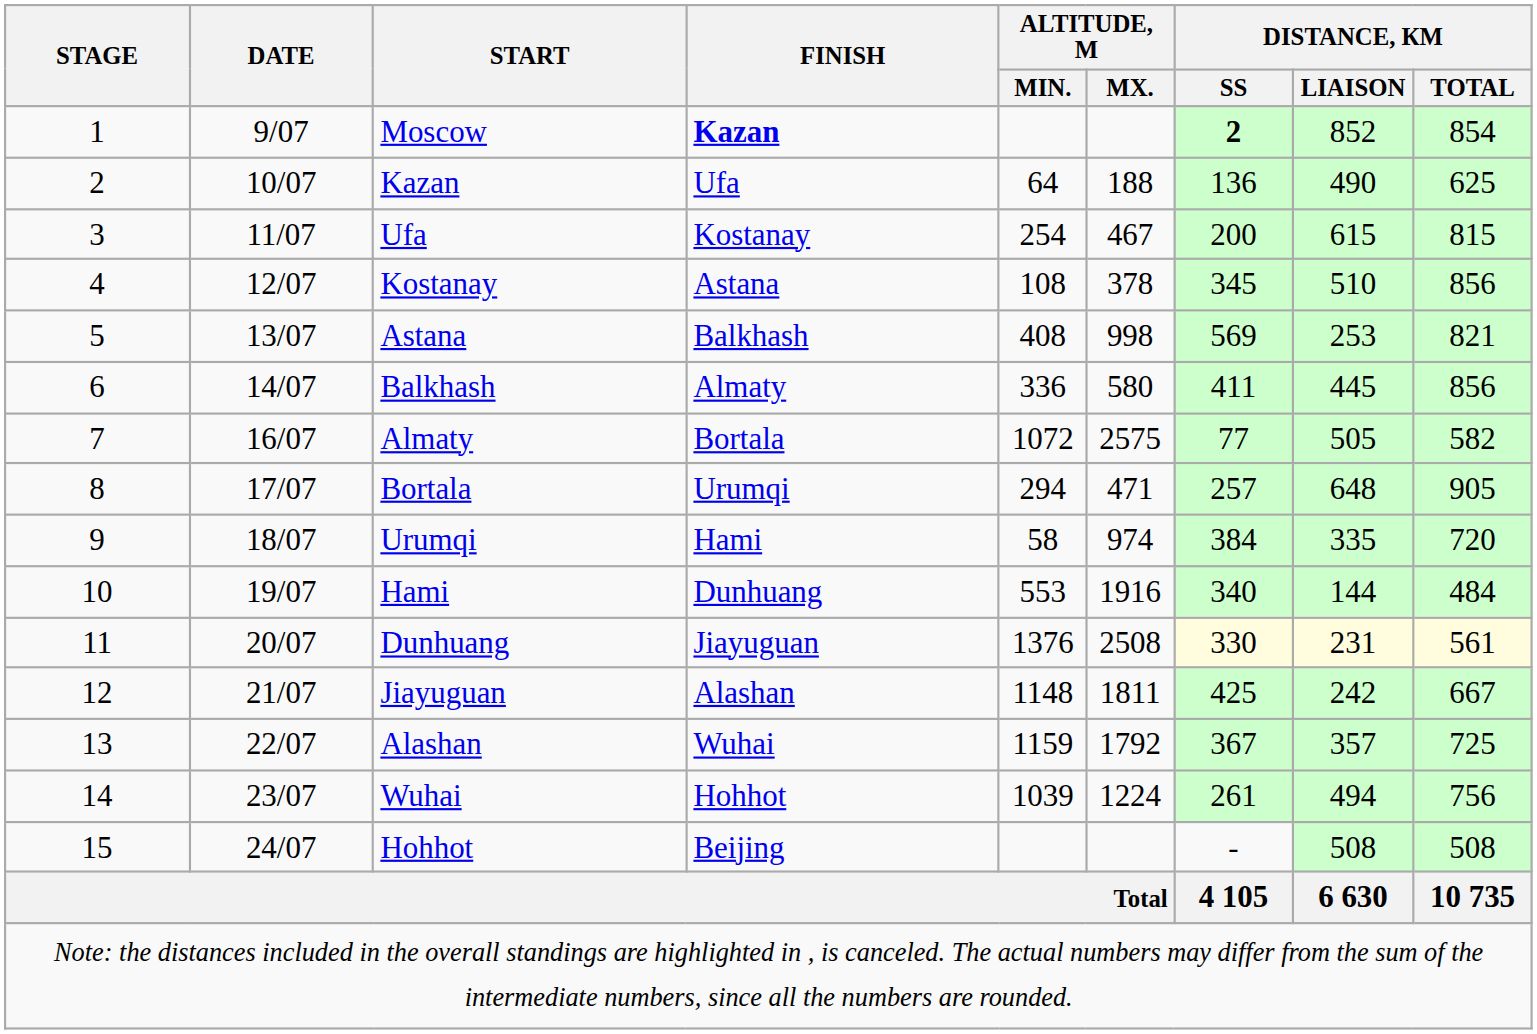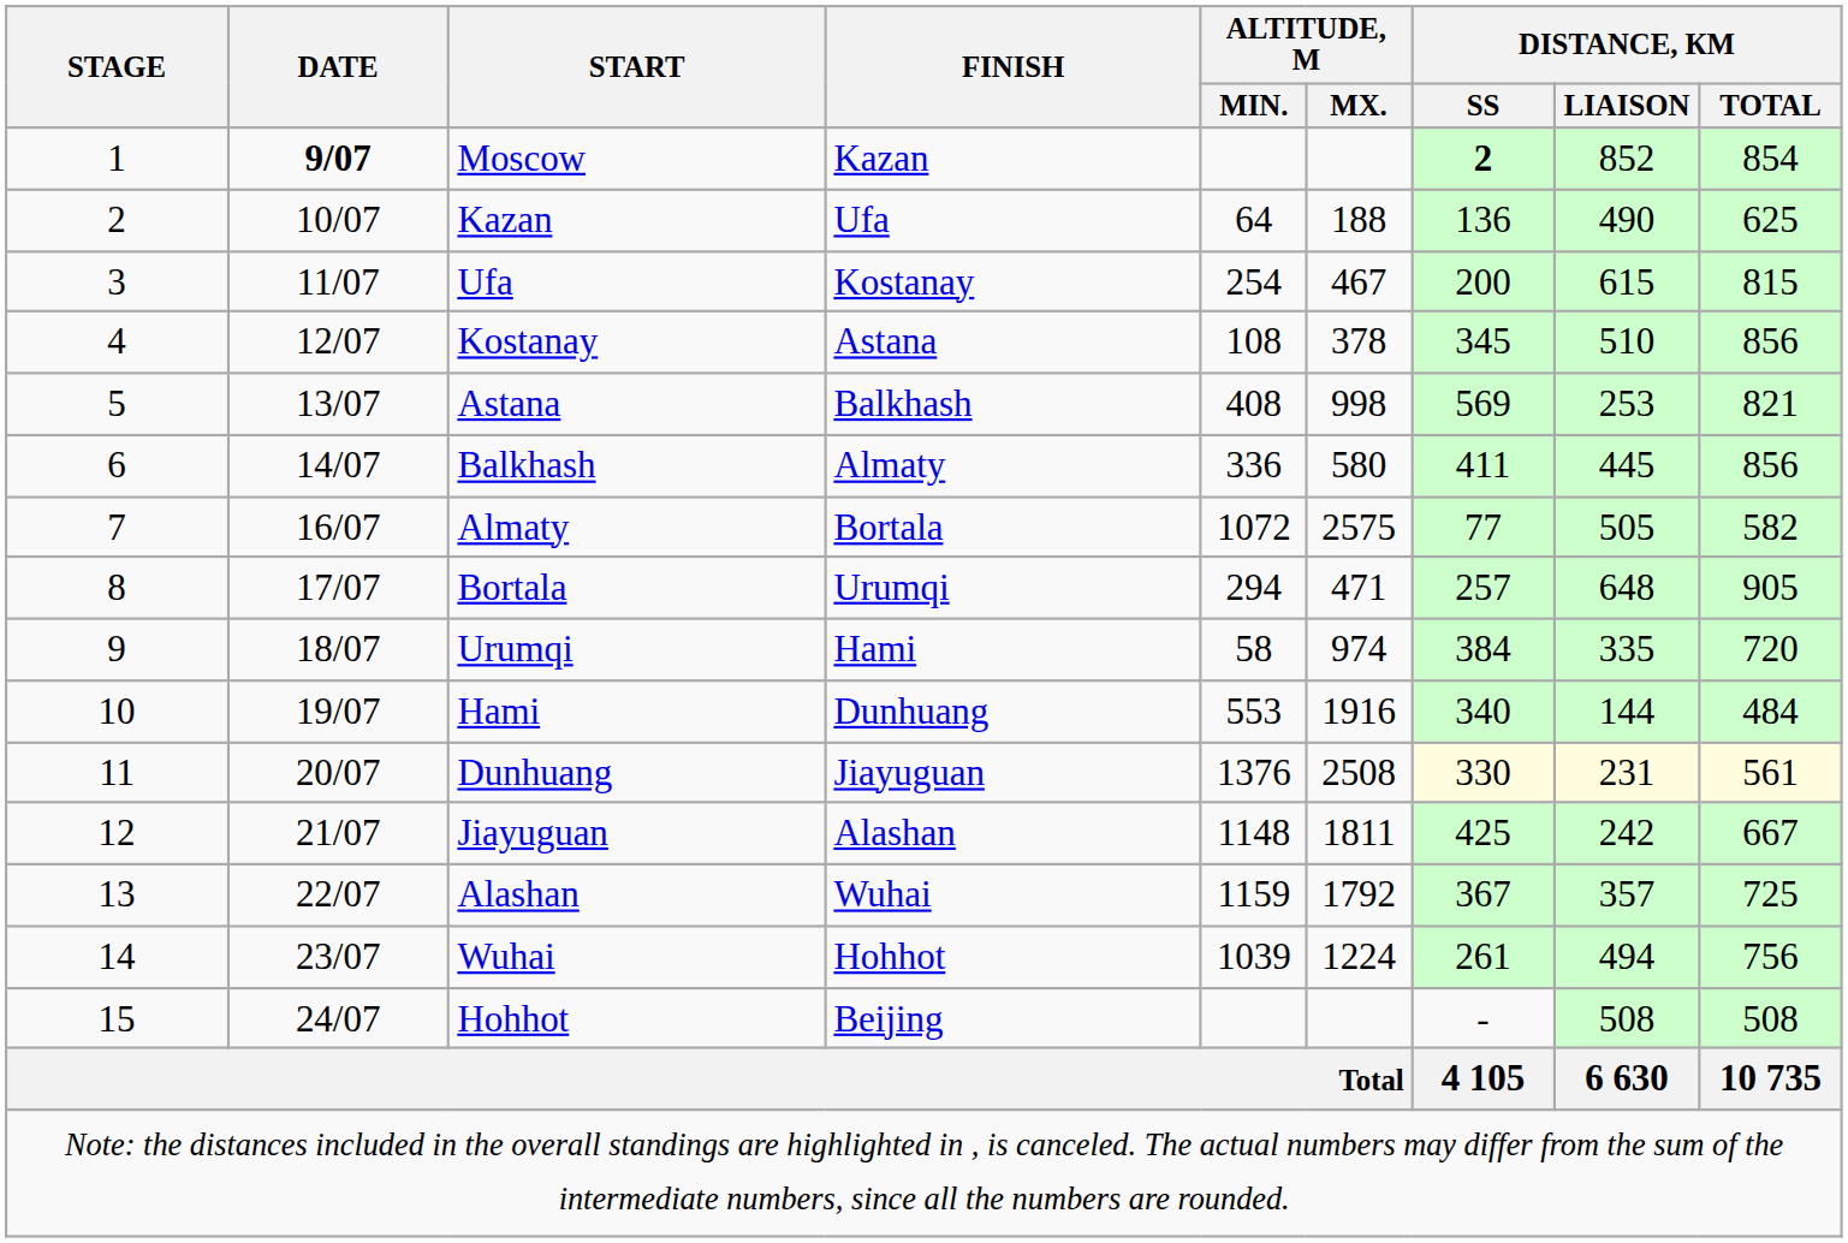 <table class="wikitable" style="text-align: center; font-size: 90%;">
 <tr style="font-size: 80%;">
 <th rowspan="2" width="80px">STAGE</th>
 <th rowspan="2" width="80px">DATE</th>
 <th rowspan="2" width="140px">START</th>
 <th rowspan="2" width="140px">FINISH</th>
 <th colspan="2">ALTITUDE, М</th>
 <th colspan="3">DISTANCE, КМ</th>
 </tr>
 <tr style="font-size: 80%;">
 <th width="35px">MIN.</th>
 <th width="35px">MX.</th>
 <th width="50px">SS</th>
 <th width="50px">LIAISON</th>
 <th width="50px">TOTAL</th>
 </tr>
 <tr>
 <td>1</td>
-<td>9/07</td>
+<td><strong>9/07</strong></td>
 <td align="left"> <a href='#'>Moscow</a></td>
-<td align="left"><strong> <a href='#'>Kazan</a></strong></td>
+<td align="left"> <a href='#'>Kazan</a></td>
 <td></td>
 <td></td>
 <td bgcolor="#ccffcc"><strong>2</strong></td>
 <td bgcolor="#ccffcc">852</td>
 <td bgcolor="#ccffcc">854</td>
 </tr>
 <tr>
 <td>2</td>
 <td>10/07</td>
 <td align="left"> <a href='#'>Kazan</a></td>
 <td align="left"> <a href='#'>Ufa</a></td>
 <td>64</td>
 <td>188</td>
 <td bgcolor="#ccffcc">136</td>
 <td bgcolor="#ccffcc">490</td>
 <td bgcolor="#ccffcc">625</td>
 </tr>
 <tr>
 <td>3</td>
 <td>11/07</td>
 <td align="left"> <a href='#'>Ufa</a></td>
 <td align="left"> <a href='#'>Kostanay</a></td>
 <td>254</td>
 <td>467</td>
 <td bgcolor="#ccffcc">200</td>
 <td bgcolor="#ccffcc">615</td>
 <td bgcolor="#ccffcc">815</td>
 </tr>
 <tr>
 <td>4</td>
 <td>12/07</td>
 <td align="left"> <a href='#'>Kostanay</a></td>
 <td align="left"> <a href='#'>Astana</a></td>
 <td>108</td>
 <td>378</td>
 <td bgcolor="#ccffcc">345</td>
 <td bgcolor="#ccffcc">510</td>
 <td bgcolor="#ccffcc">856</td>
 </tr>
 <tr>
 <td>5</td>
 <td>13/07</td>
 <td align="left"> <a href='#'>Astana</a></td>
 <td align="left"> <a href='#'>Balkhash</a></td>
 <td>408</td>
 <td>998</td>
 <td bgcolor="#ccffcc">569</td>
 <td bgcolor="#ccffcc">253</td>
 <td bgcolor="#ccffcc">821</td>
 </tr>
 <tr>
 <td>6</td>
 <td>14/07</td>
 <td align="left"> <a href='#'>Balkhash</a></td>
 <td align="left"> <a href='#'>Almaty</a></td>
 <td>336</td>
 <td>580</td>
 <td bgcolor="#ccffcc">411</td>
 <td bgcolor="#ccffcc">445</td>
 <td bgcolor="#ccffcc">856</td>
 </tr>
 <tr>
 <td>7</td>
 <td>16/07</td>
 <td align="left"> <a href='#'>Almaty</a></td>
 <td align="left"> <a href='#'>Bortala</a></td>
 <td>1072</td>
 <td>2575</td>
 <td bgcolor="#ccffcc">77</td>
 <td bgcolor="#ccffcc">505</td>
 <td bgcolor="#ccffcc">582</td>
 </tr>
 <tr>
 <td>8</td>
 <td>17/07</td>
 <td align="left"> <a href='#'>Bortala</a></td>
 <td align="left"> <a href='#'>Urumqi</a></td>
 <td>294</td>
 <td>471</td>
 <td bgcolor="#ccffcc">257</td>
 <td bgcolor="#ccffcc">648</td>
 <td bgcolor="#ccffcc">905</td>
 </tr>
 <tr>
 <td>9</td>
 <td>18/07</td>
 <td align="left"> <a href='#'>Urumqi</a></td>
 <td align="left"> <a href='#'>Hami</a></td>
 <td>58</td>
 <td>974</td>
 <td bgcolor="#ccffcc">384</td>
 <td bgcolor="#ccffcc">335</td>
 <td bgcolor="#ccffcc">720</td>
 </tr>
 <tr>
 <td>10</td>
 <td>19/07</td>
 <td align="left"> <a href='#'>Hami</a></td>
 <td align="left"> <a href='#'>Dunhuang</a></td>
 <td>553</td>
 <td>1916</td>
 <td bgcolor="#ccffcc">340</td>
 <td bgcolor="#ccffcc">144</td>
 <td bgcolor="#ccffcc">484</td>
 </tr>
 <tr>
 <td>11</td>
 <td>20/07</td>
 <td align="left"> <a href='#'>Dunhuang</a></td>
 <td align="left"> <a href='#'>Jiayuguan</a></td>
 <td>1376</td>
 <td>2508</td>
 <td bgcolor="#fffddd">330</td>
 <td bgcolor="#fffddd">231</td>
 <td bgcolor="#fffddd">561</td>
 </tr>
 <tr>
 <td>12</td>
 <td>21/07</td>
 <td align="left"> <a href='#'>Jiayuguan</a></td>
 <td align="left"> <a href='#'>Alashan</a></td>
 <td>1148</td>
 <td>1811</td>
 <td bgcolor="#ccffcc">425</td>
 <td bgcolor="#ccffcc">242</td>
 <td bgcolor="#ccffcc">667</td>
 </tr>
 <tr>
 <td>13</td>
 <td>22/07</td>
 <td align="left"> <a href='#'>Alashan</a></td>
 <td align="left"> <a href='#'>Wuhai</a></td>
 <td>1159</td>
 <td>1792</td>
 <td bgcolor="#ccffcc">367</td>
 <td bgcolor="#ccffcc">357</td>
 <td bgcolor="#ccffcc">725</td>
 </tr>
 <tr>
 <td>14</td>
 <td>23/07</td>
 <td align="left"> <a href='#'>Wuhai</a></td>
 <td align="left"> <a href='#'>Hohhot</a></td>
 <td>1039</td>
 <td>1224</td>
 <td bgcolor="#ccffcc">261</td>
 <td bgcolor="#ccffcc">494</td>
 <td bgcolor="#ccffcc">756</td>
 </tr>
 <tr>
 <td>15</td>
 <td>24/07</td>
 <td align="left"> <a href='#'>Hohhot</a></td>
 <td align="left"> <a href='#'>Beijing</a></td>
 <td></td>
 <td></td>
 <td>-</td>
 <td bgcolor="#ccffcc">508</td>
 <td bgcolor="#ccffcc">508</td>
 </tr>
 <tr>
 <th colspan="6" style="font-size: 80%; text-align: right;">Total</th>
 <th>4 105</th>
 <th>6 630</th>
 <th>10 735</th>
 </tr>
 <tr>
 <td colspan="9" style="font-size: 85%; line-height: 175%;"><em>Note: the distances included in the overall standings are highlighted in </em>  <em>, </em>  <em>  is canceled. The actual numbers may differ from the sum of the intermediate numbers, since all the numbers are rounded.</em></td>
 </tr>
 </table>
